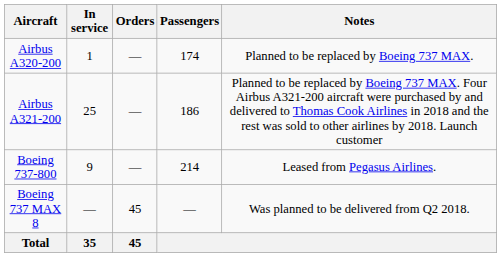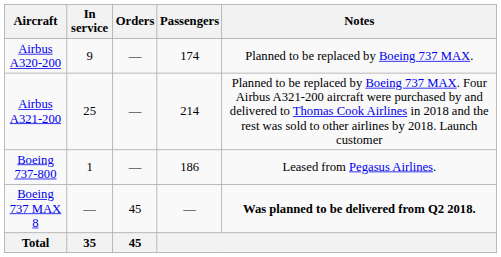 <table class="wikitable" style="border-collapse:collapse;text-align:center;margin:auto;">
 <tr>
 <th>Aircraft</th>
 <th>In service</th>
 <th>Orders</th>
 <th>Passengers</th>
 <th>Notes</th>
 </tr>
 <tr>
 <td><a href='#'>Airbus A320-200</a></td>
-<td>1</td>
+<td>9</td>
 <td>—</td>
 <td>174</td>
 <td>Planned to be replaced by <a href='#'>Boeing 737 MAX</a>.</td>
 </tr>
 <tr>
 <td><a href='#'>Airbus A321-200</a></td>
 <td>25</td>
 <td>—</td>
-<td>186</td>
+<td>214</td>
 <td>Planned to be replaced by <a href='#'>Boeing 737 MAX</a>. Four Airbus A321-200 aircraft were purchased by and delivered to <a href='#'>Thomas Cook Airlines</a> in 2018 and the rest was sold to other airlines by 2018. Launch customer</td>
 </tr>
 <tr>
 <td><a href='#'>Boeing 737-800</a></td>
-<td>9</td>
+<td>1</td>
 <td>—</td>
-<td>214</td>
+<td>186</td>
 <td>Leased from <a href='#'>Pegasus Airlines</a>.</td>
 </tr>
 <tr>
 <td><a href='#'>Boeing 737 MAX 8</a></td>
 <td>—</td>
 <td>45</td>
 <td>—</td>
-<td>Was planned to be delivered from Q2 2018.</td>
+<td><strong>Was planned to be delivered from Q2 2018.</strong></td>
 </tr>
 <tr>
 <th>Total</th>
 <th>35</th>
 <th>45</th>
 <th colspan="2"></th>
 </tr>
 </table>
